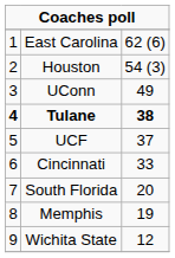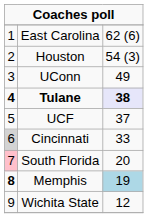 <table class="wikitable">
 <tr align="center">
 <td align="center" Colspan="3"><strong>Coaches poll</strong></td>
 </tr>
 <tr align="center">
 </tr>
 <tr align="center">
 <td>1</td>
 <td>East Carolina</td>
 <td>62 (6)</td>
 </tr>
 <tr align="center">
 <td>2</td>
 <td>Houston</td>
 <td>54 (3)</td>
 </tr>
 <tr align="center">
 <td>3</td>
 <td>UConn</td>
 <td>49</td>
 </tr>
 <tr align="center">
 <td><strong>4</strong></td>
 <td><strong>Tulane</strong></td>
-<td><strong>38</strong></td>
+<td style="background: lavender;"><strong>38</strong></td>
 </tr>
 <tr align="center">
 <td>5</td>
 <td>UCF</td>
 <td>37</td>
 </tr>
 <tr align="center">
-<td>6</td>
+<td style="background: lightgrey;">6</td>
 <td>Cincinnati</td>
 <td>33</td>
 </tr>
 <tr align="center">
-<td>7</td>
+<td style="background: pink;">7</td>
 <td>South Florida</td>
 <td>20</td>
 </tr>
 <tr align="center">
-<td>8</td>
+<td><strong>8</strong></td>
 <td>Memphis</td>
-<td>19</td>
+<td style="background: lightblue;">19</td>
 </tr>
 <tr align="center">
 <td>9</td>
 <td>Wichita State</td>
 <td>12</td>
 </tr>
 <tr align="center">
 </tr>
 </table>
